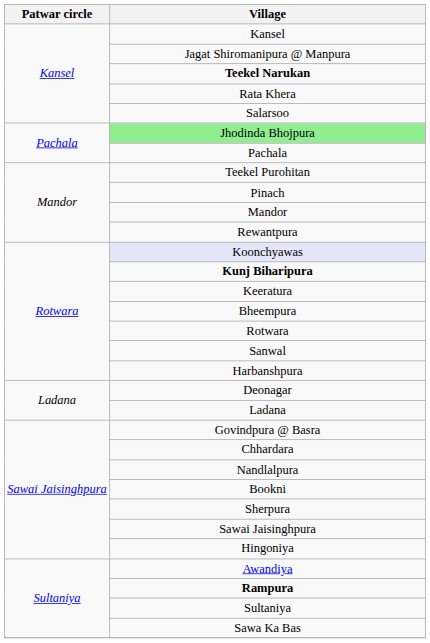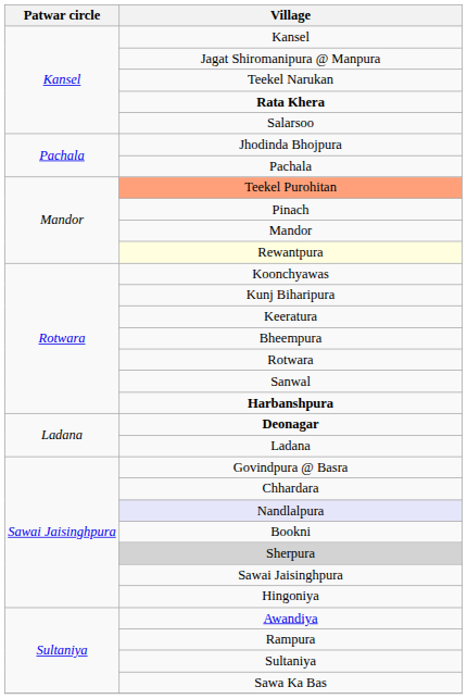 <table class="wikitable">
 <tr style="text-align:center;">
 <th colspan="1"><strong>Patwar circle</strong></th>
 <th style="width:75%;"><strong>Village</strong></th>
 </tr>
 <tr>
 <td rowspan="5" style="text-align:center;"><em><a href='#'>Kansel</a></em></td>
 <td style="text-align:center;">Kansel</td>
 </tr>
 <tr>
 <td style="text-align:center;">Jagat Shiromanipura @ Manpura</td>
 </tr>
 <tr>
-<td style="text-align:center;"><strong>Teekel Narukan</strong></td>
+<td style="text-align:center;">Teekel Narukan</td>
 </tr>
 <tr>
-<td style="text-align:center;">Rata Khera</td>
+<td style="text-align:center;"><strong>Rata Khera</strong></td>
 </tr>
 <tr>
 <td style="text-align:center;">Salarsoo</td>
 </tr>
 <tr>
 <td rowspan="2" style="text-align:center;"><em><a href='#'>Pachala</a></em></td>
-<td style="background: lightgreen; text-align:center;">Jhodinda Bhojpura</td>
+<td style="text-align:center;">Jhodinda Bhojpura</td>
 </tr>
 <tr>
 <td style="text-align:center;">Pachala</td>
 </tr>
 <tr>
 <td rowspan="4" style="text-align:center;"><em>Mandor</em></td>
-<td style="text-align:center;">Teekel Purohitan</td>
+<td style="background: lightsalmon; text-align:center;">Teekel Purohitan</td>
 </tr>
 <tr>
 <td style="text-align:center;">Pinach</td>
 </tr>
 <tr>
 <td style="text-align:center;">Mandor</td>
 </tr>
 <tr>
-<td style="text-align:center;">Rewantpura</td>
+<td style="background: lightyellow; text-align:center;">Rewantpura</td>
 </tr>
 <tr>
 <td rowspan="7" style="text-align:center;"><em><a href='#'>Rotwara</a></em></td>
-<td style="background: lavender; text-align:center;">Koonchyawas</td>
+<td style="text-align:center;">Koonchyawas</td>
 </tr>
 <tr>
-<td style="text-align:center;"><strong>Kunj Biharipura</strong></td>
+<td style="text-align:center;">Kunj Biharipura</td>
 </tr>
 <tr>
 <td style="text-align:center;">Keeratura</td>
 </tr>
 <tr>
 <td style="text-align:center;">Bheempura</td>
 </tr>
 <tr>
 <td style="text-align:center;">Rotwara</td>
 </tr>
 <tr>
 <td style="text-align:center;">Sanwal</td>
 </tr>
 <tr>
-<td style="text-align:center;">Harbanshpura</td>
+<td style="text-align:center;"><strong>Harbanshpura</strong></td>
 </tr>
 <tr>
 <td rowspan="2" style="text-align:center;"><em>Ladana</em></td>
-<td style="text-align:center;">Deonagar</td>
+<td style="text-align:center;"><strong>Deonagar</strong></td>
 </tr>
 <tr>
 <td style="text-align:center;">Ladana</td>
 </tr>
 <tr>
 <td rowspan="7" style="text-align:center;"><em><a href='#'>Sawai Jaisinghpura</a></em></td>
 <td style="text-align:center;">Govindpura @ Basra</td>
 </tr>
 <tr>
 <td style="text-align:center;">Chhardara</td>
 </tr>
 <tr>
-<td style="text-align:center;">Nandlalpura</td>
+<td style="background: lavender; text-align:center;">Nandlalpura</td>
 </tr>
 <tr>
 <td style="text-align:center;">Bookni</td>
 </tr>
 <tr>
-<td style="text-align:center;">Sherpura</td>
+<td style="background: lightgrey; text-align:center;">Sherpura</td>
 </tr>
 <tr>
 <td style="text-align:center;">Sawai Jaisinghpura</td>
 </tr>
 <tr>
 <td style="text-align:center;">Hingoniya</td>
 </tr>
 <tr>
 <td rowspan="4" style="text-align:center;"><em><a href='#'>Sultaniya</a></em></td>
 <td style="text-align:center;"><a href='#'>Awandiya</a></td>
 </tr>
 <tr>
-<td style="text-align:center;"><strong>Rampura</strong></td>
+<td style="text-align:center;">Rampura</td>
 </tr>
 <tr>
 <td style="text-align:center;">Sultaniya</td>
 </tr>
 <tr>
 <td style="text-align:center;">Sawa Ka Bas</td>
 </tr>
 <tr>
 </tr>
 </table>
